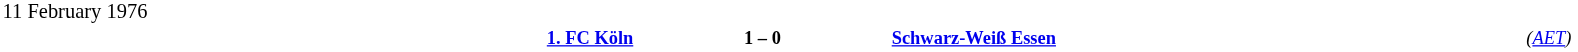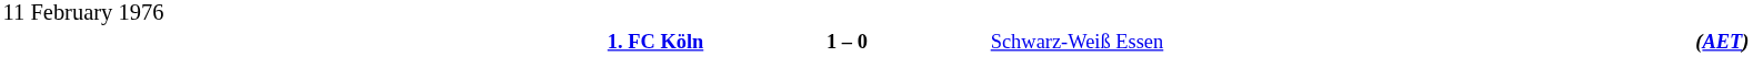 <table width=100% cellspacing=1>
 <tr>
 <th width=25%></th>
 <th width=10%></th>
 <th width=25%></th>
 <th></th>
 </tr>
 <tr>
 <td>11 February 1976</td>
 </tr>
 <tr style=font-size:90%>
 <td align=right><strong><a href='#'>1. FC Köln</a></strong></td>
 <td align=center><strong>1 – 0</strong></td>
-<td><strong><a href='#'>Schwarz-Weiß Essen</a></strong></td>
-<td><em>(<a href='#'>AET</a>)</em></td>
+<td><a href='#'>Schwarz-Weiß Essen</a></td>
+<td><strong><em>(<a href='#'>AET</a>)</em></strong></td>
 </tr>
 </table>
